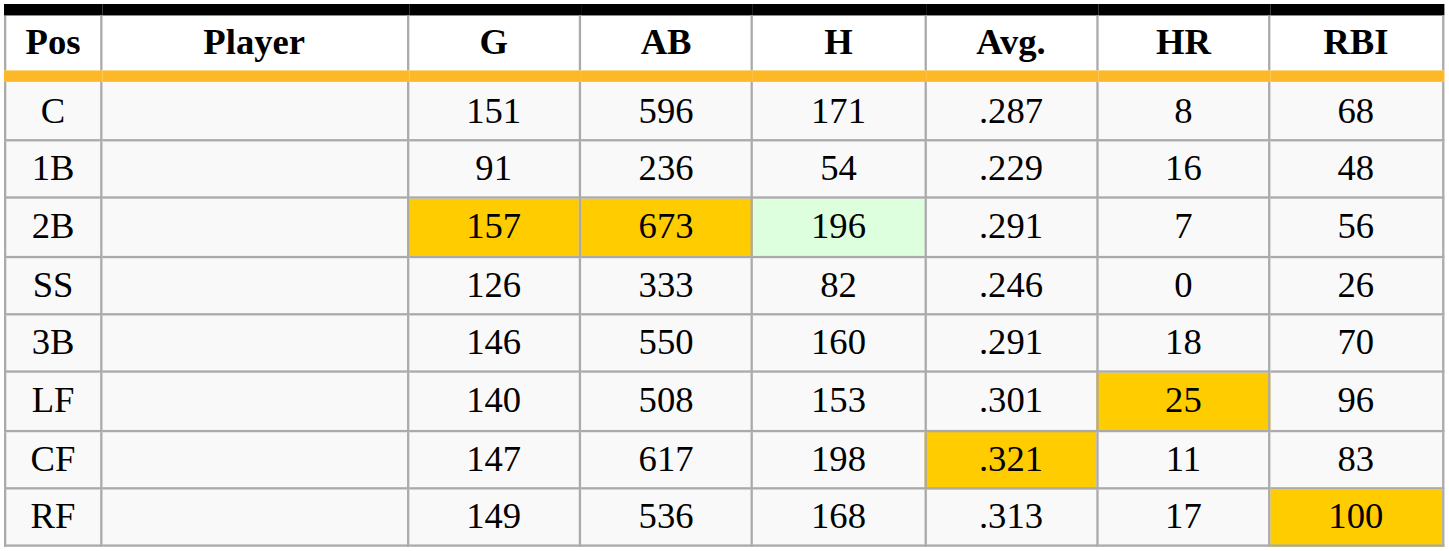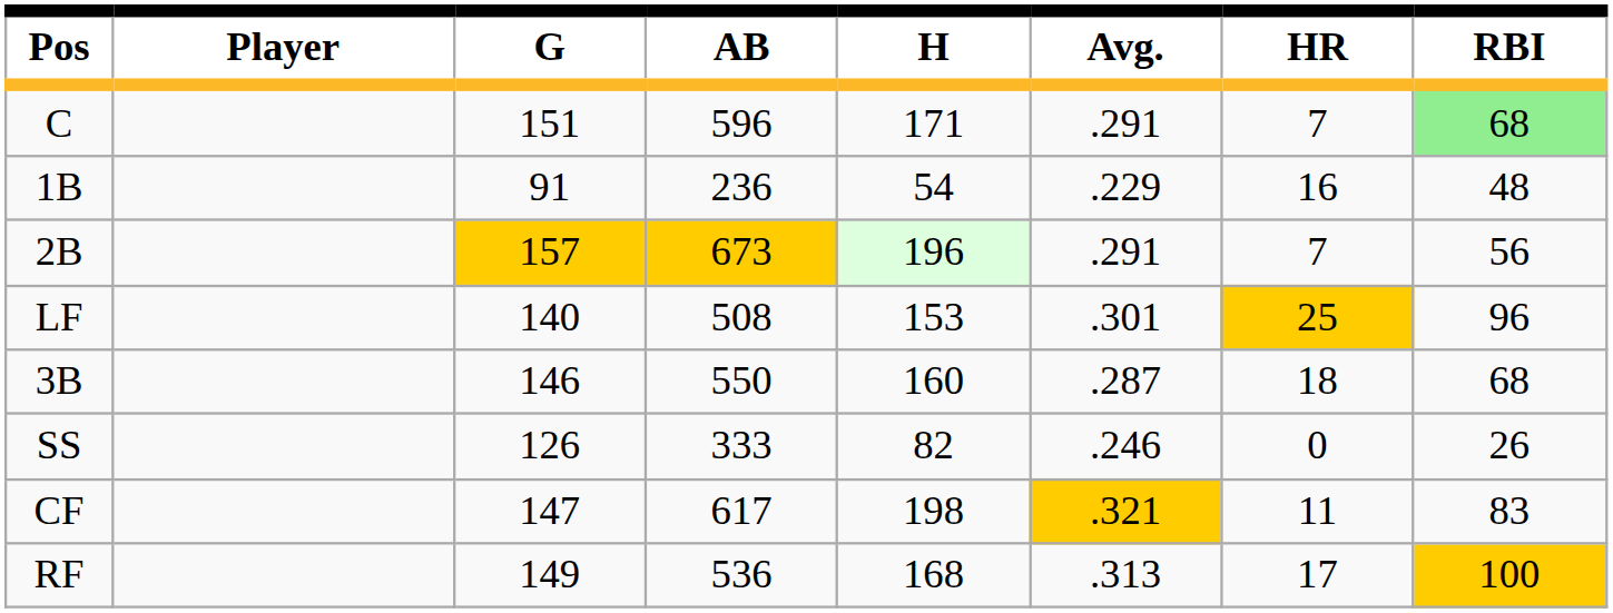 <table class="wikitable sortable">
 <tr>
 <th style="background:#FFFFFF; border-top:#000000 5px solid; border-bottom:#FDB827 5px solid;" width="5%">Pos</th>
 <th style="background:#FFFFFF; border-top:#000000 5px solid; border-bottom:#FDB827 5px solid;" width="16%">Player</th>
 <th style="background:#FFFFFF; border-top:#000000 5px solid; border-bottom:#FDB827 5px solid;" width="9%">G</th>
 <th style="background:#FFFFFF; border-top:#000000 5px solid; border-bottom:#FDB827 5px solid;" width="9%">AB</th>
 <th style="background:#FFFFFF; border-top:#000000 5px solid; border-bottom:#FDB827 5px solid;" width="9%">H</th>
 <th style="background:#FFFFFF; border-top:#000000 5px solid; border-bottom:#FDB827 5px solid;" width="9%">Avg.</th>
 <th style="background:#FFFFFF; border-top:#000000 5px solid; border-bottom:#FDB827 5px solid;" width="9%">HR</th>
 <th style="background:#FFFFFF; border-top:#000000 5px solid; border-bottom:#FDB827 5px solid;" width="9%">RBI</th>
 </tr>
 <tr align="center">
 <td>C</td>
 <td></td>
 <td>151</td>
 <td>596</td>
 <td>171</td>
-<td>.287</td>
-<td>8</td>
-<td>68</td>
+<td>.291</td>
+<td>7</td>
+<td style="background: lightgreen;">68</td>
 </tr>
 <tr align="center">
 <td>1B</td>
 <td></td>
 <td>91</td>
 <td>236</td>
 <td>54</td>
 <td>.229</td>
 <td>16</td>
 <td>48</td>
 </tr>
 <tr align="center">
 <td>2B</td>
 <td></td>
 <td style="background:#fc0;">157</td>
 <td style="background:#fc0;">673</td>
 <td style="background:#DDFFDD;">196</td>
 <td>.291</td>
 <td>7</td>
 <td>56</td>
 </tr>
 <tr align="center">
+<td>LF</td>
+<td></td>
+<td>140</td>
+<td>508</td>
+<td>153</td>
+<td>.301</td>
+<td style="background:#fc0;">25</td>
+<td>96</td>
+</tr>
+<tr align="center">
+<td>3B</td>
+<td></td>
+<td>146</td>
+<td>550</td>
+<td>160</td>
+<td>.287</td>
+<td>18</td>
+<td>68</td>
+</tr>
+<tr align="center">
 <td>SS</td>
 <td></td>
 <td>126</td>
 <td>333</td>
 <td>82</td>
 <td>.246</td>
 <td>0</td>
 <td>26</td>
-</tr>
-<tr align="center">
-<td>3B</td>
-<td></td>
-<td>146</td>
-<td>550</td>
-<td>160</td>
-<td>.291</td>
-<td>18</td>
-<td>70</td>
-</tr>
-<tr align="center">
-<td>LF</td>
-<td></td>
-<td>140</td>
-<td>508</td>
-<td>153</td>
-<td>.301</td>
-<td style="background:#fc0;">25</td>
-<td>96</td>
 </tr>
 <tr align="center">
 <td>CF</td>
 <td></td>
 <td>147</td>
 <td>617</td>
 <td>198</td>
 <td style="background:#fc0;">.321</td>
 <td>11</td>
 <td>83</td>
 </tr>
 <tr align="center">
 <td>RF</td>
 <td></td>
 <td>149</td>
 <td>536</td>
 <td>168</td>
 <td>.313</td>
 <td>17</td>
 <td style="background:#fc0;">100</td>
 </tr>
 </table>
